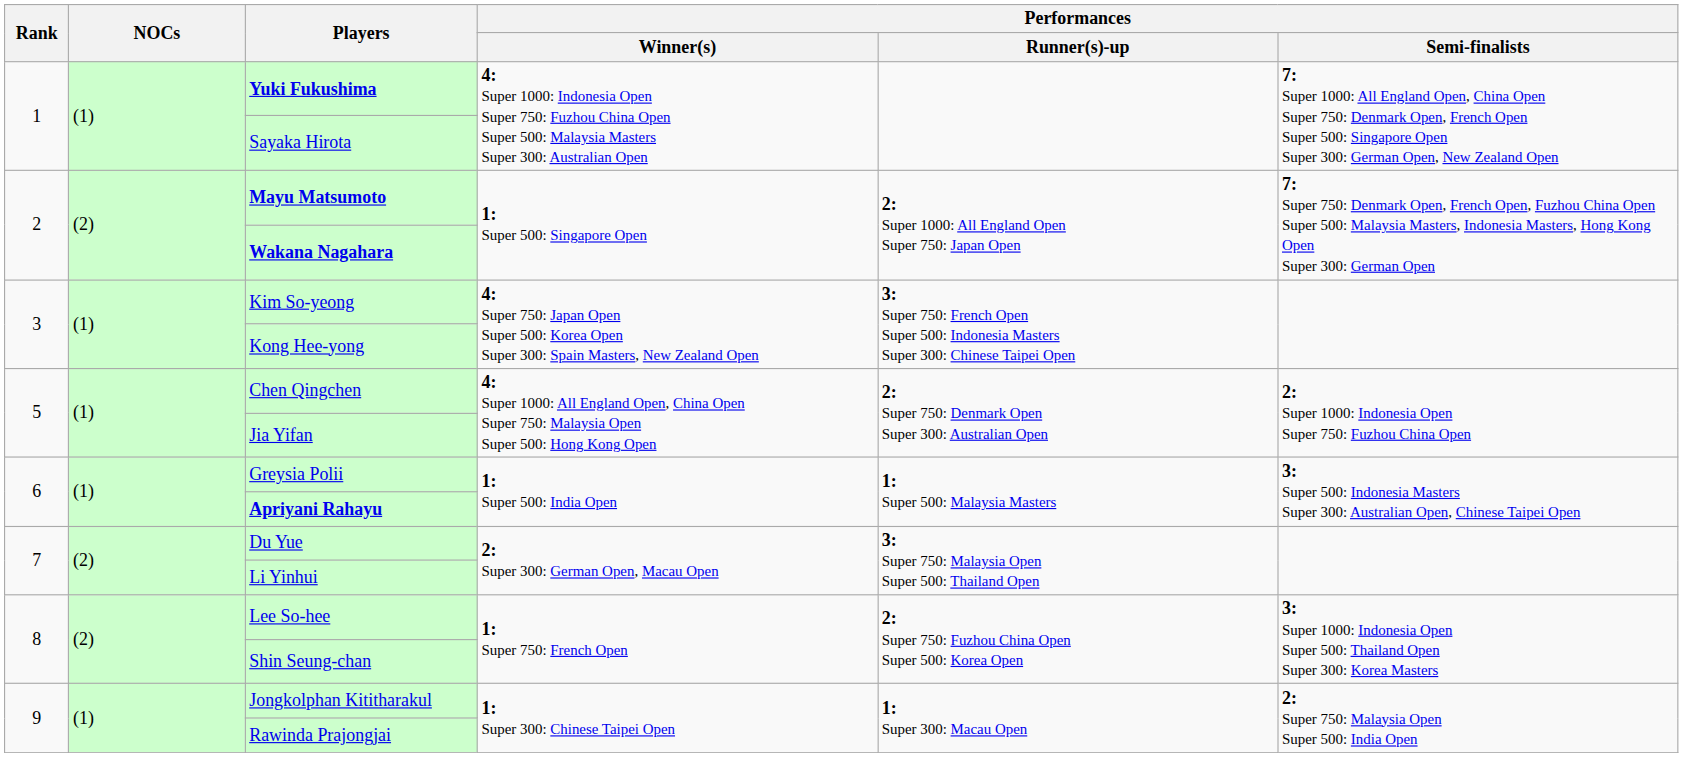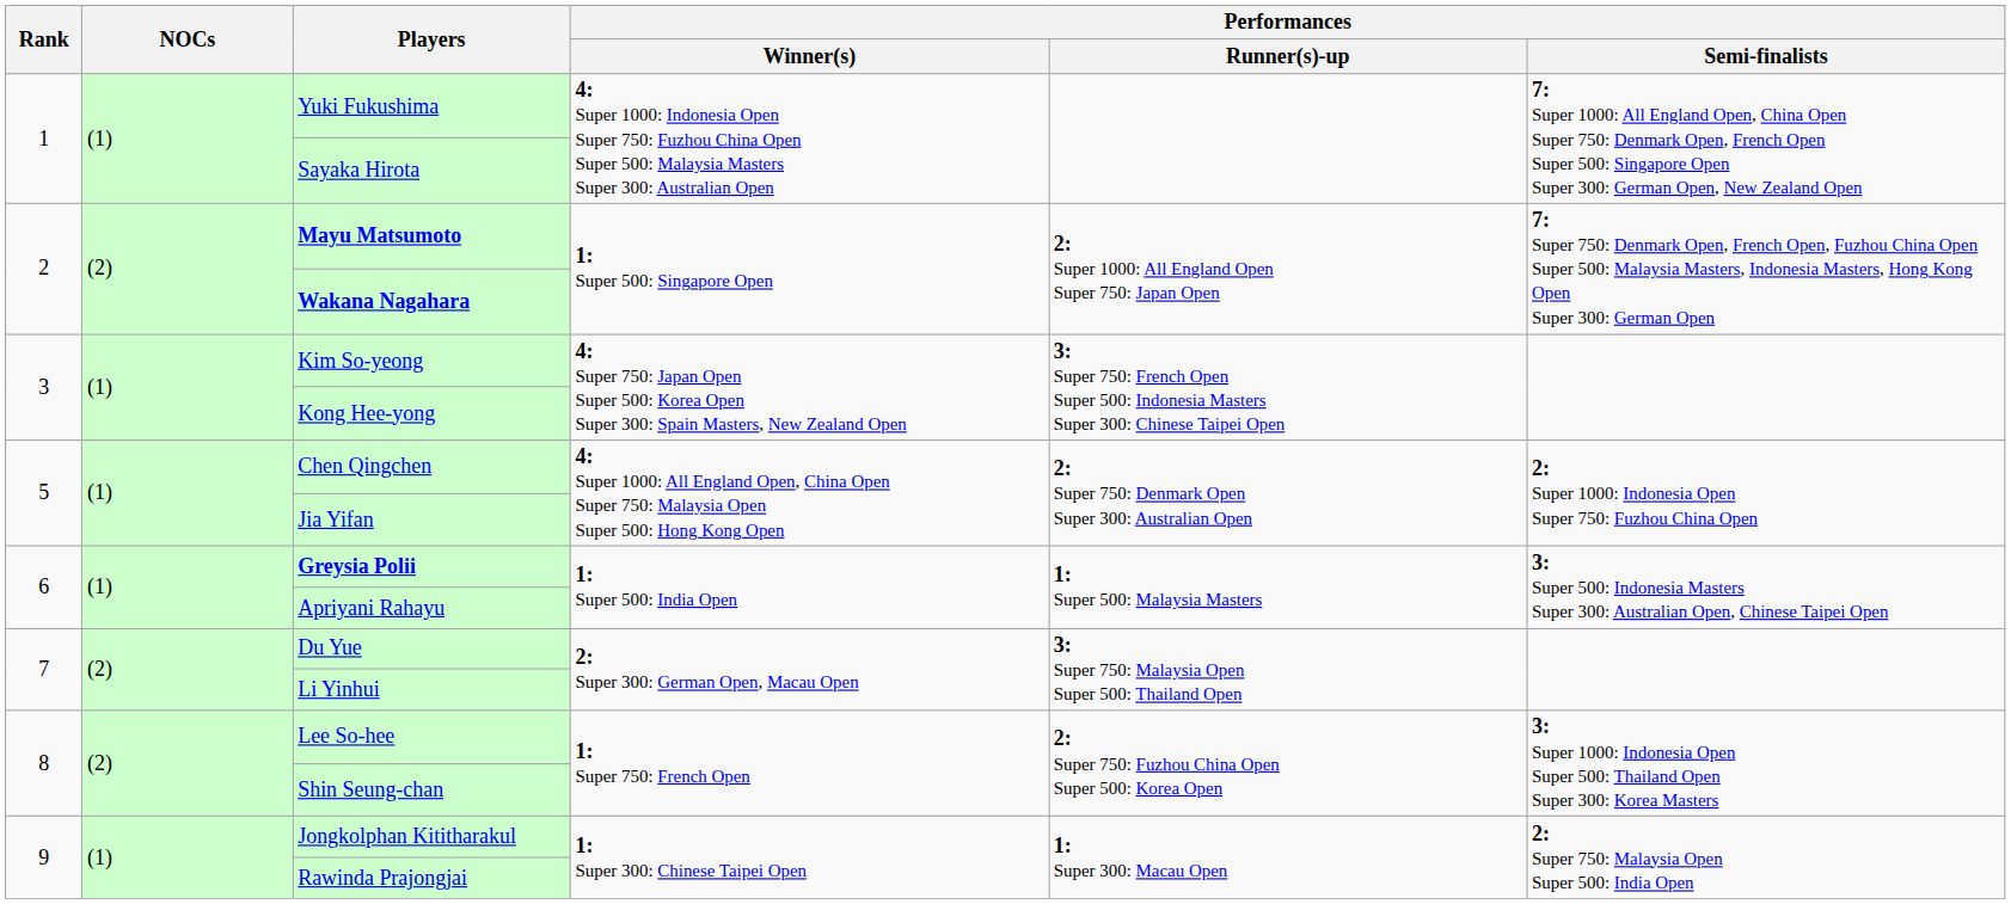 <table class="wikitable" style="text-align:left">
 <tr>
 <th rowspan="2" width="50">Rank</th>
 <th rowspan="2" width="150">NOCs</th>
 <th rowspan="2" width="200">Players</th>
 <th colspan="3">Performances</th>
 </tr>
 <tr>
 <th width="350">Winner(s)</th>
 <th width="350">Runner(s)-up</th>
 <th width="350">Semi-finalists</th>
 </tr>
 <tr>
 <td align="center" rowspan="2">1</td>
 <td bgcolor="#ccffcc" rowspan="2"> (1)</td>
-<td bgcolor="#ccffcc"><strong><a href='#'>Yuki Fukushima</a></strong></td>
+<td bgcolor="#ccffcc"><a href='#'>Yuki Fukushima</a></td>
 <td rowspan="2"><strong>4:</strong><br><small>Super 1000: <a href='#'>Indonesia Open</a><br>Super 750: <a href='#'>Fuzhou China Open</a><br>Super 500: <a href='#'>Malaysia Masters</a><br>Super 300: <a href='#'>Australian Open</a></small></td>
 <td rowspan="2"></td>
 <td rowspan="2"><strong>7:</strong><br><small>Super 1000: <a href='#'>All England Open</a>, <a href='#'>China Open</a><br>Super 750: <a href='#'>Denmark Open</a>, <a href='#'>French Open</a><br>Super 500: <a href='#'>Singapore Open</a><br>Super 300: <a href='#'>German Open</a>, <a href='#'>New Zealand Open</a></small></td>
 </tr>
 <tr>
 <td bgcolor="#ccffcc"><a href='#'>Sayaka Hirota</a></td>
 </tr>
 <tr>
 <td align="center" rowspan="2">2</td>
 <td bgcolor="#ccffcc" rowspan="2"> (2)</td>
 <td bgcolor="#ccffcc"><strong><a href='#'>Mayu Matsumoto</a></strong></td>
 <td rowspan="2"><strong>1:</strong><br><small>Super 500: <a href='#'>Singapore Open</a></small></td>
 <td rowspan="2"><strong>2:</strong><br><small>Super 1000: <a href='#'>All England Open</a><br>Super 750: <a href='#'>Japan Open</a></small></td>
 <td rowspan="2"><strong>7:</strong><br><small>Super 750: <a href='#'>Denmark Open</a>, <a href='#'>French Open</a>, <a href='#'>Fuzhou China Open</a><br>Super 500: <a href='#'>Malaysia Masters</a>, <a href='#'>Indonesia Masters</a>, <a href='#'>Hong Kong Open</a><br>Super 300: <a href='#'>German Open</a></small></td>
 </tr>
 <tr>
 <td bgcolor="#ccffcc"><strong><a href='#'>Wakana Nagahara</a></strong></td>
 </tr>
 <tr>
 <td align="center" rowspan="2">3</td>
 <td bgcolor="#ccffcc" rowspan="2"> (1)</td>
 <td bgcolor="#ccffcc"><a href='#'>Kim So-yeong</a></td>
 <td rowspan="2"><strong>4:</strong><br><small>Super 750: <a href='#'>Japan Open</a><br>Super 500: <a href='#'>Korea Open</a><br>Super 300: <a href='#'>Spain Masters</a>, <a href='#'>New Zealand Open</a></small></td>
 <td rowspan="2"><strong>3:</strong><br><small>Super 750: <a href='#'>French Open</a><br>Super 500: <a href='#'>Indonesia Masters</a><br>Super 300: <a href='#'>Chinese Taipei Open</a></small></td>
 <td rowspan="2"></td>
 </tr>
 <tr>
 <td bgcolor="#ccffcc"><a href='#'>Kong Hee-yong</a></td>
 </tr>
 <tr>
 <td align="center" rowspan="2">5</td>
 <td bgcolor="#ccffcc" rowspan="2"> (1)</td>
 <td bgcolor="#ccffcc"><a href='#'>Chen Qingchen</a></td>
 <td rowspan="2"><strong>4:</strong><br><small>Super 1000: <a href='#'>All England Open</a>, <a href='#'>China Open</a><br>Super 750: <a href='#'>Malaysia Open</a><br>Super 500: <a href='#'>Hong Kong Open</a></small></td>
 <td rowspan="2"><strong>2:</strong><br><small>Super 750: <a href='#'>Denmark Open</a><br>Super 300: <a href='#'>Australian Open</a></small></td>
 <td rowspan="2"><strong>2:</strong><br><small>Super 1000: <a href='#'>Indonesia Open</a><br>Super 750: <a href='#'>Fuzhou China Open</a></small></td>
 </tr>
 <tr>
 <td bgcolor="#ccffcc"><a href='#'>Jia Yifan</a></td>
 </tr>
 <tr>
 <td align="center" rowspan="2">6</td>
 <td bgcolor="#ccffcc" rowspan="2"> (1)</td>
-<td bgcolor="#ccffcc"><a href='#'>Greysia Polii</a></td>
+<td bgcolor="#ccffcc"><strong><a href='#'>Greysia Polii</a></strong></td>
 <td rowspan="2"><strong>1:</strong><br><small>Super 500: <a href='#'>India Open</a></small></td>
 <td rowspan="2"><strong>1:</strong><br><small>Super 500: <a href='#'>Malaysia Masters</a></small></td>
 <td rowspan="2"><strong>3:</strong><br><small>Super 500: <a href='#'>Indonesia Masters</a><br>Super 300: <a href='#'>Australian Open</a>, <a href='#'>Chinese Taipei Open</a></small></td>
 </tr>
 <tr>
-<td bgcolor="#ccffcc"><strong><a href='#'>Apriyani Rahayu</a></strong></td>
+<td bgcolor="#ccffcc"><a href='#'>Apriyani Rahayu</a></td>
 </tr>
 <tr>
 <td align="center" rowspan="2">7</td>
 <td bgcolor="#ccffcc" rowspan="2"> (2)</td>
 <td bgcolor="#ccffcc"><a href='#'>Du Yue</a></td>
 <td rowspan="2"><strong>2:</strong><br><small>Super 300: <a href='#'>German Open</a>, <a href='#'>Macau Open</a></small></td>
 <td rowspan="2"><strong>3:</strong><br><small>Super 750: <a href='#'>Malaysia Open</a><br>Super 500: <a href='#'>Thailand Open</a></small></td>
 <td rowspan="2"></td>
 </tr>
 <tr>
 <td bgcolor="#ccffcc"><a href='#'>Li Yinhui</a></td>
 </tr>
 <tr>
 <td align="center" rowspan="2">8</td>
 <td bgcolor="#ccffcc" rowspan="2"> (2)</td>
 <td bgcolor="#ccffcc"><a href='#'>Lee So-hee</a></td>
 <td rowspan="2"><strong>1:</strong><br><small>Super 750: <a href='#'>French Open</a></small></td>
 <td rowspan="2"><strong>2:</strong><br><small>Super 750: <a href='#'>Fuzhou China Open</a><br>Super 500: <a href='#'>Korea Open</a></small></td>
 <td rowspan="2"><strong>3:</strong><br><small>Super 1000: <a href='#'>Indonesia Open</a><br>Super 500: <a href='#'>Thailand Open</a> <br>Super 300: <a href='#'>Korea Masters</a></small></td>
 </tr>
 <tr>
 <td bgcolor="#ccffcc"><a href='#'>Shin Seung-chan</a></td>
 </tr>
 <tr>
 <td align="center" rowspan="2">9</td>
 <td bgcolor="#ccffcc" rowspan="2"> (1)</td>
 <td bgcolor="#ccffcc"><a href='#'>Jongkolphan Kititharakul</a></td>
 <td rowspan="2"><strong>1:</strong><br><small>Super 300: <a href='#'>Chinese Taipei Open</a></small></td>
 <td rowspan="2"><strong>1:</strong><br><small>Super 300: <a href='#'>Macau Open</a></small></td>
 <td rowspan="2"><strong>2:</strong><br><small>Super 750: <a href='#'>Malaysia Open</a><br>Super 500: <a href='#'>India Open</a></small></td>
 </tr>
 <tr>
 <td bgcolor="#ccffcc"><a href='#'>Rawinda Prajongjai</a></td>
 </tr>
 </table>
